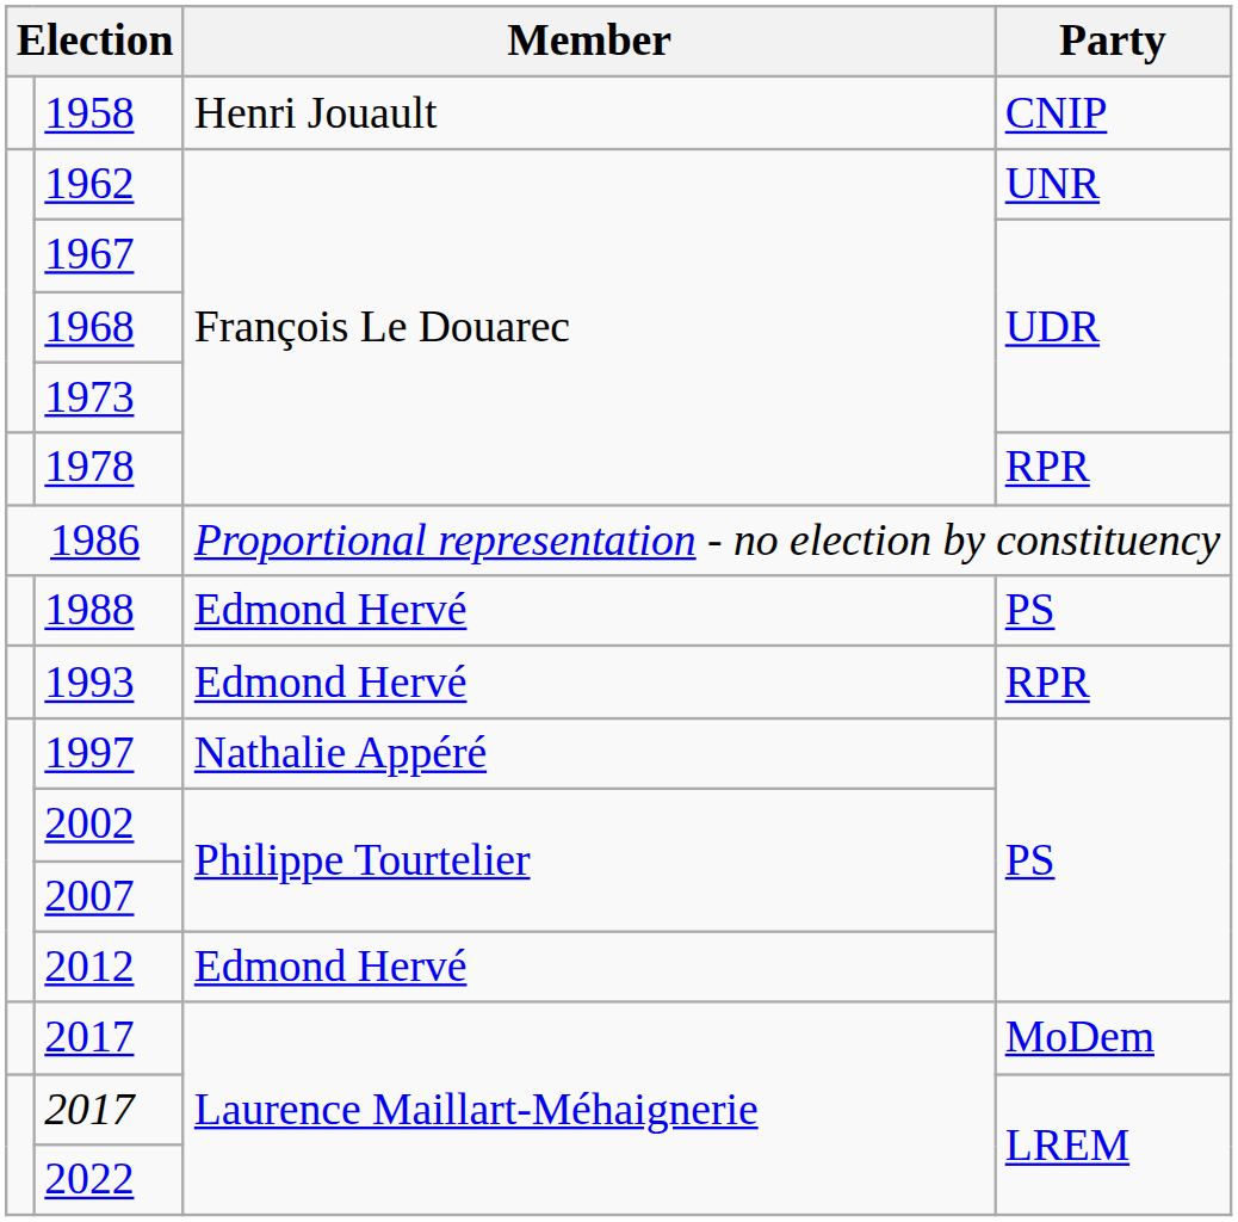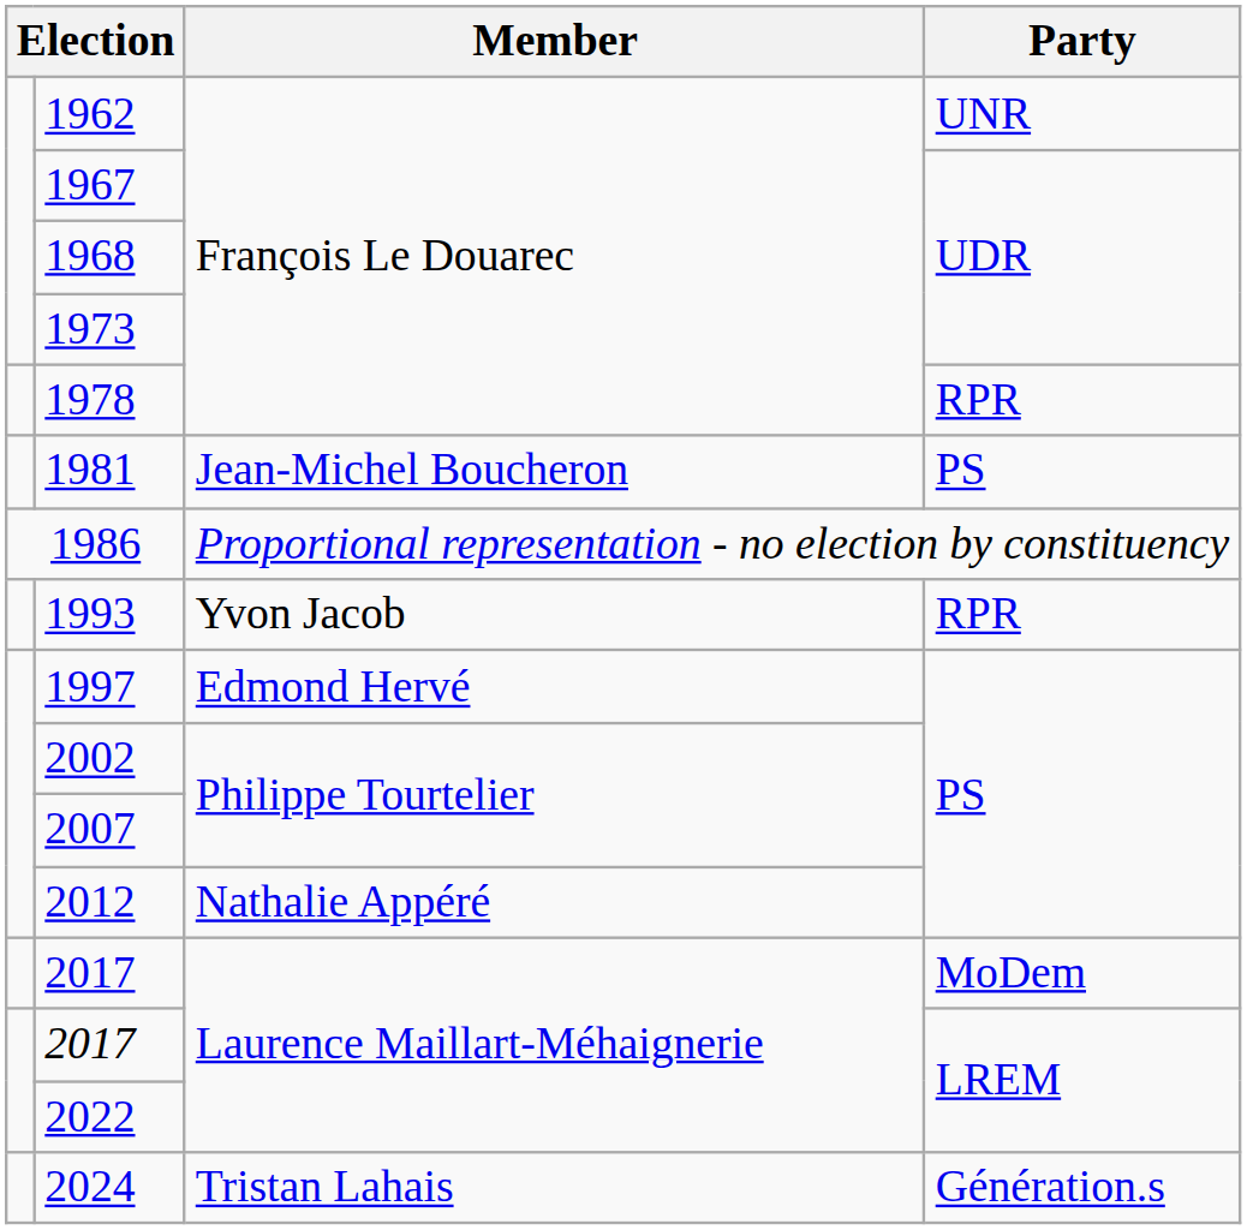 <table class="wikitable">
 <tr>
 <th colspan="2">Election</th>
 <th>Member</th>
 <th>Party</th>
-</tr>
-<tr>
-<td style="color:inherit;background-color: "></td>
-<td><a href='#'>1958</a></td>
-<td>Henri Jouault</td>
-<td><a href='#'>CNIP</a></td>
 </tr>
 <tr>
 <td rowspan="4" style="color:inherit;background-color: "></td>
 <td><a href='#'>1962</a></td>
 <td rowspan="5">François Le Douarec</td>
 <td><a href='#'>UNR</a></td>
 </tr>
 <tr>
 <td><a href='#'>1967</a></td>
 <td rowspan="3"><a href='#'>UDR</a></td>
 </tr>
 <tr>
 <td><a href='#'>1968</a></td>
 </tr>
 <tr>
 <td><a href='#'>1973</a></td>
 </tr>
 <tr>
 <td style="color:inherit;background-color: "></td>
 <td><a href='#'>1978</a></td>
 <td><a href='#'>RPR</a></td>
 </tr>
 <tr>
+<td style="color:inherit;background-color: "></td>
+<td><a href='#'>1981</a></td>
+<td><a href='#'>Jean-Michel Boucheron</a></td>
+<td><a href='#'>PS</a></td>
+</tr>
+<tr>
 <td colspan="2" align="center"><a href='#'>1986</a></td>
 <td colspan="2"><em><a href='#'>Proportional representation</a> - no election by constituency</em></td>
 </tr>
 <tr>
 <td style="color:inherit;background-color: "></td>
-<td><a href='#'>1988</a></td>
-<td><a href='#'>Edmond Hervé</a></td>
-<td><a href='#'>PS</a></td>
-</tr>
-<tr>
-<td style="color:inherit;background-color: "></td>
 <td><a href='#'>1993</a></td>
-<td><a href='#'>Edmond Hervé</a></td>
+<td>Yvon Jacob</td>
 <td><a href='#'>RPR</a></td>
 </tr>
 <tr>
 <td rowspan="4" style="color:inherit;background-color: "></td>
 <td><a href='#'>1997</a></td>
-<td><a href='#'>Nathalie Appéré</a></td>
+<td><a href='#'>Edmond Hervé</a></td>
 <td rowspan="4"><a href='#'>PS</a></td>
 </tr>
 <tr>
 <td><a href='#'>2002</a></td>
 <td rowspan="2"><a href='#'>Philippe Tourtelier</a></td>
 </tr>
 <tr>
 <td><a href='#'>2007</a></td>
 </tr>
 <tr>
 <td><a href='#'>2012</a></td>
-<td><a href='#'>Edmond Hervé</a></td>
+<td><a href='#'>Nathalie Appéré</a></td>
 </tr>
 <tr>
 <td style="color:inherit;background-color: "></td>
 <td><a href='#'>2017</a></td>
 <td rowspan="3"><a href='#'>Laurence Maillart-Méhaignerie</a></td>
 <td><a href='#'>MoDem</a></td>
 </tr>
 <tr>
 <td rowspan="2" style="color:inherit;background-color: "></td>
 <td><em>2017</em></td>
 <td rowspan="2"><a href='#'>LREM</a></td>
 </tr>
 <tr>
 <td><a href='#'>2022</a></td>
 </tr>
+<tr>
+<td style="color:inherit;background-color: "></td>
+<td><a href='#'>2024</a></td>
+<td><a href='#'>Tristan Lahais</a></td>
+<td><a href='#'>Génération.s</a></td>
+</tr>
 </table>
